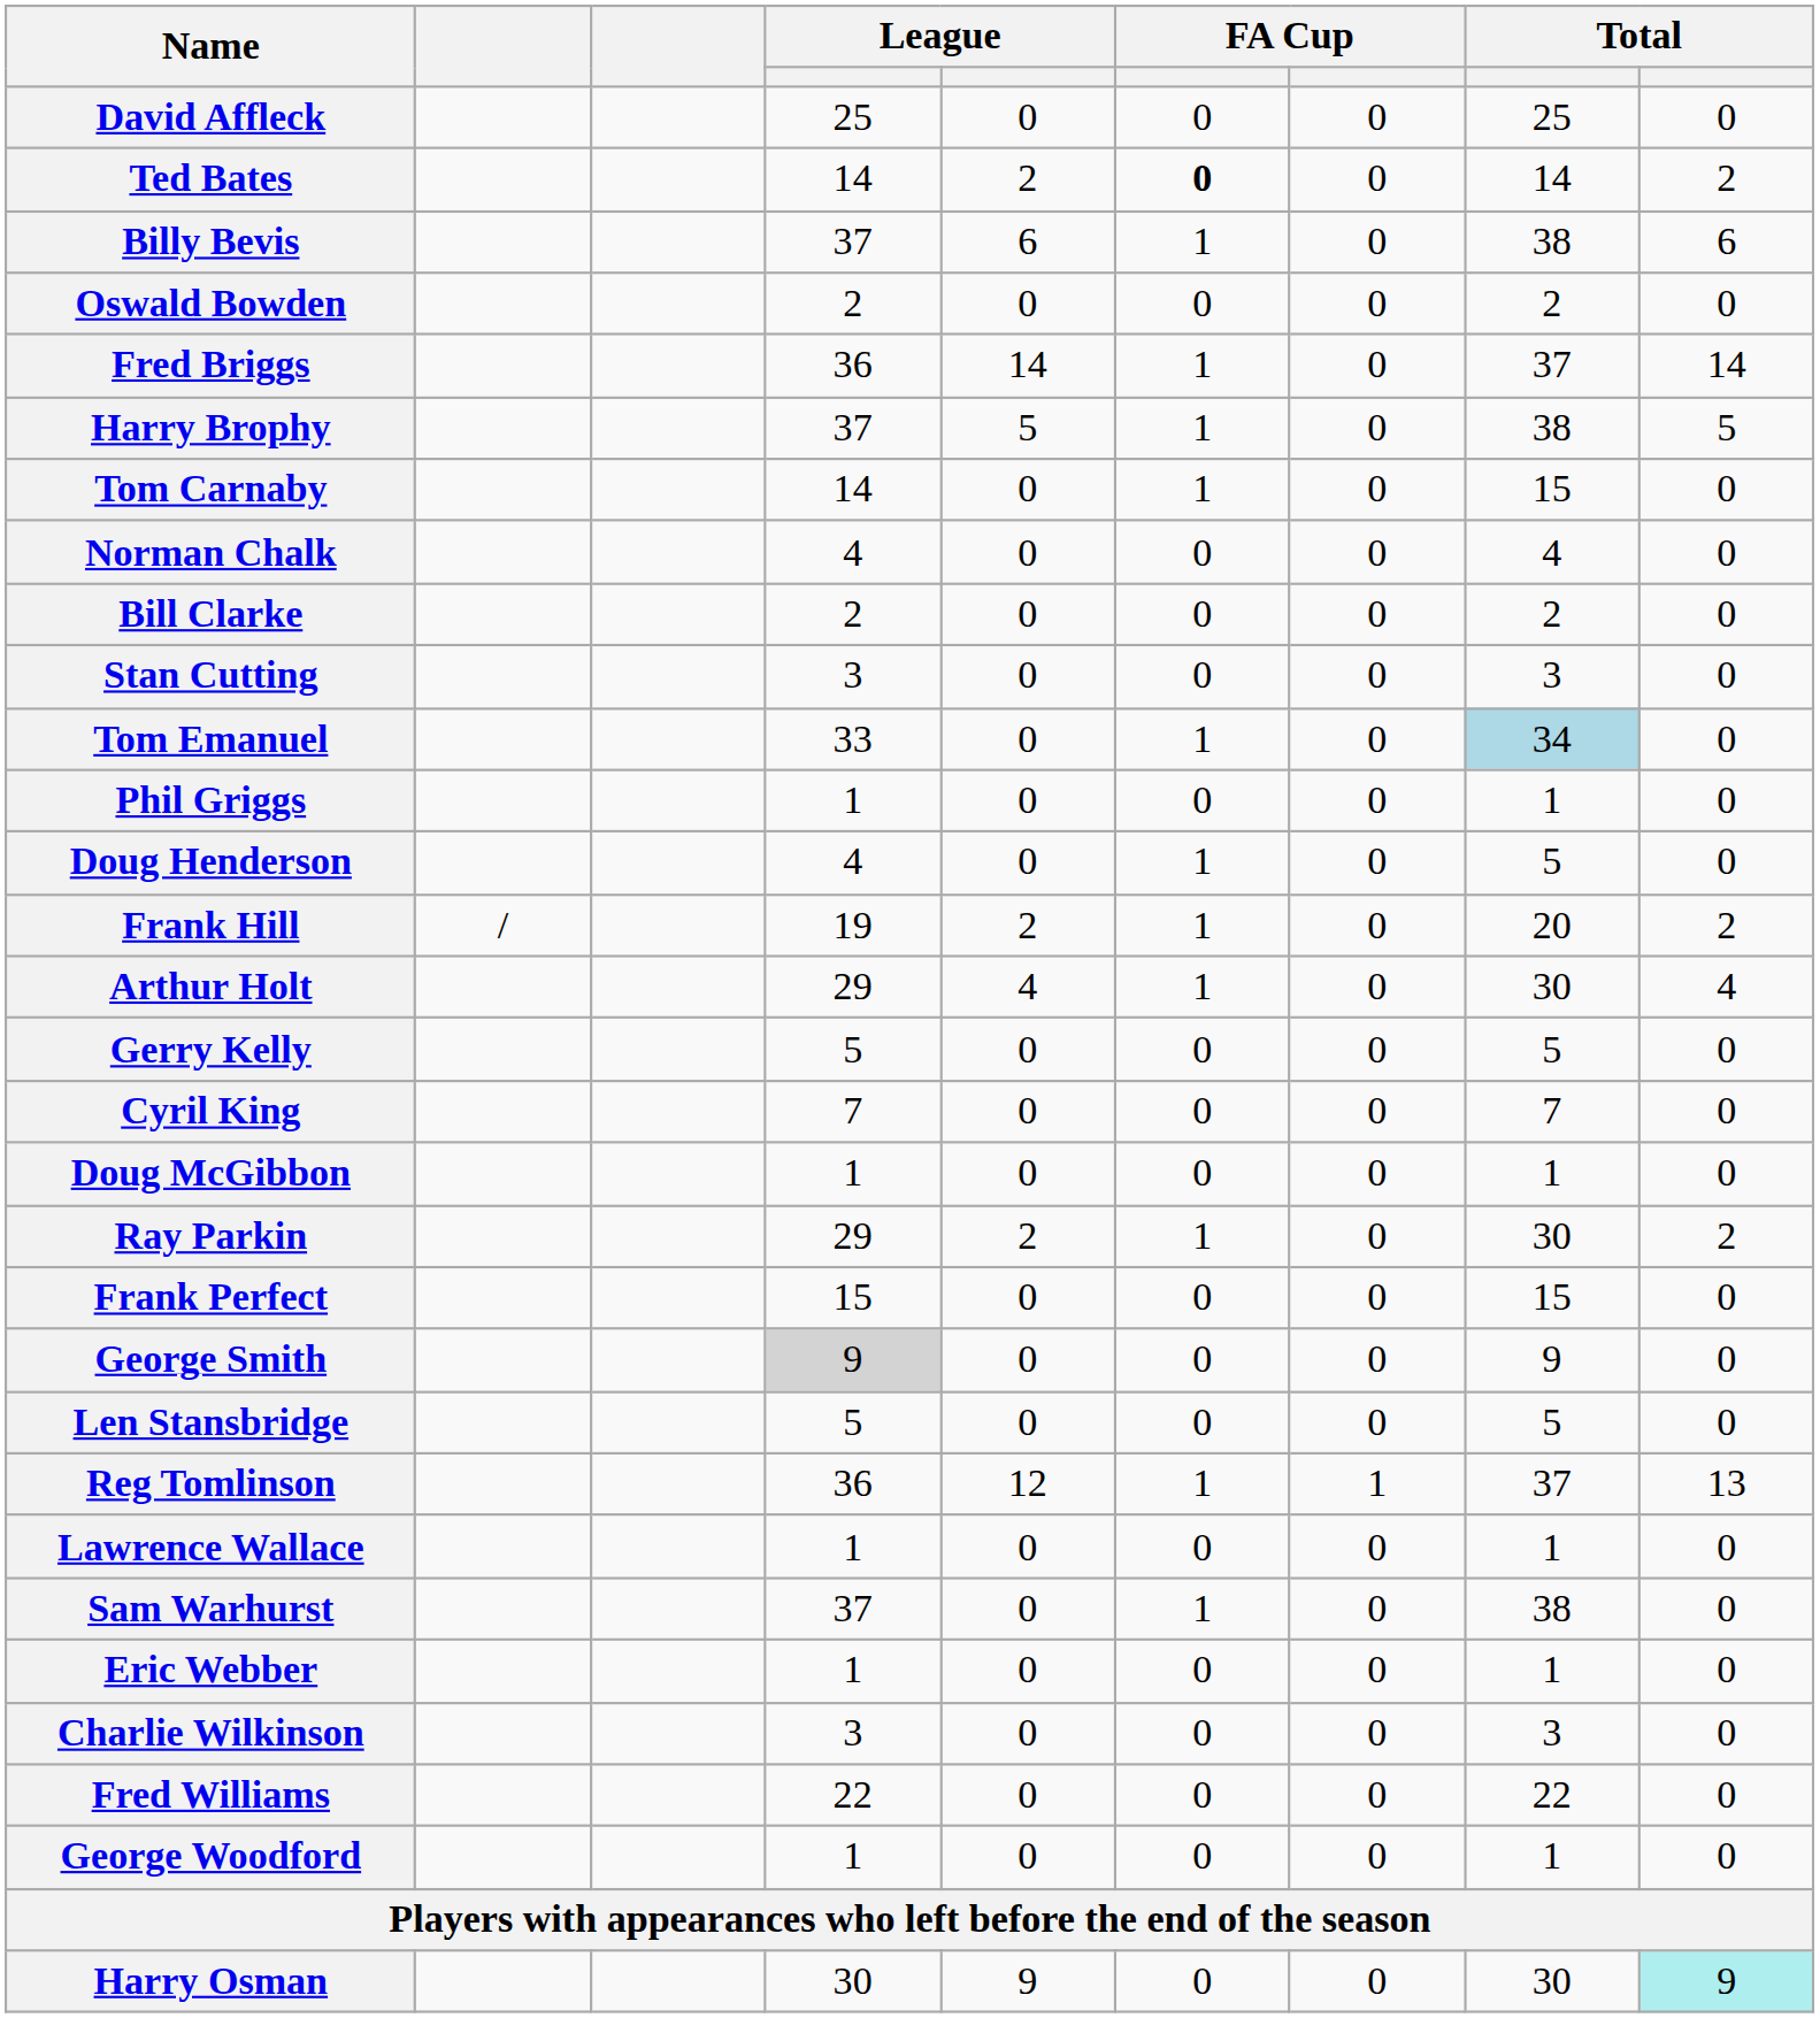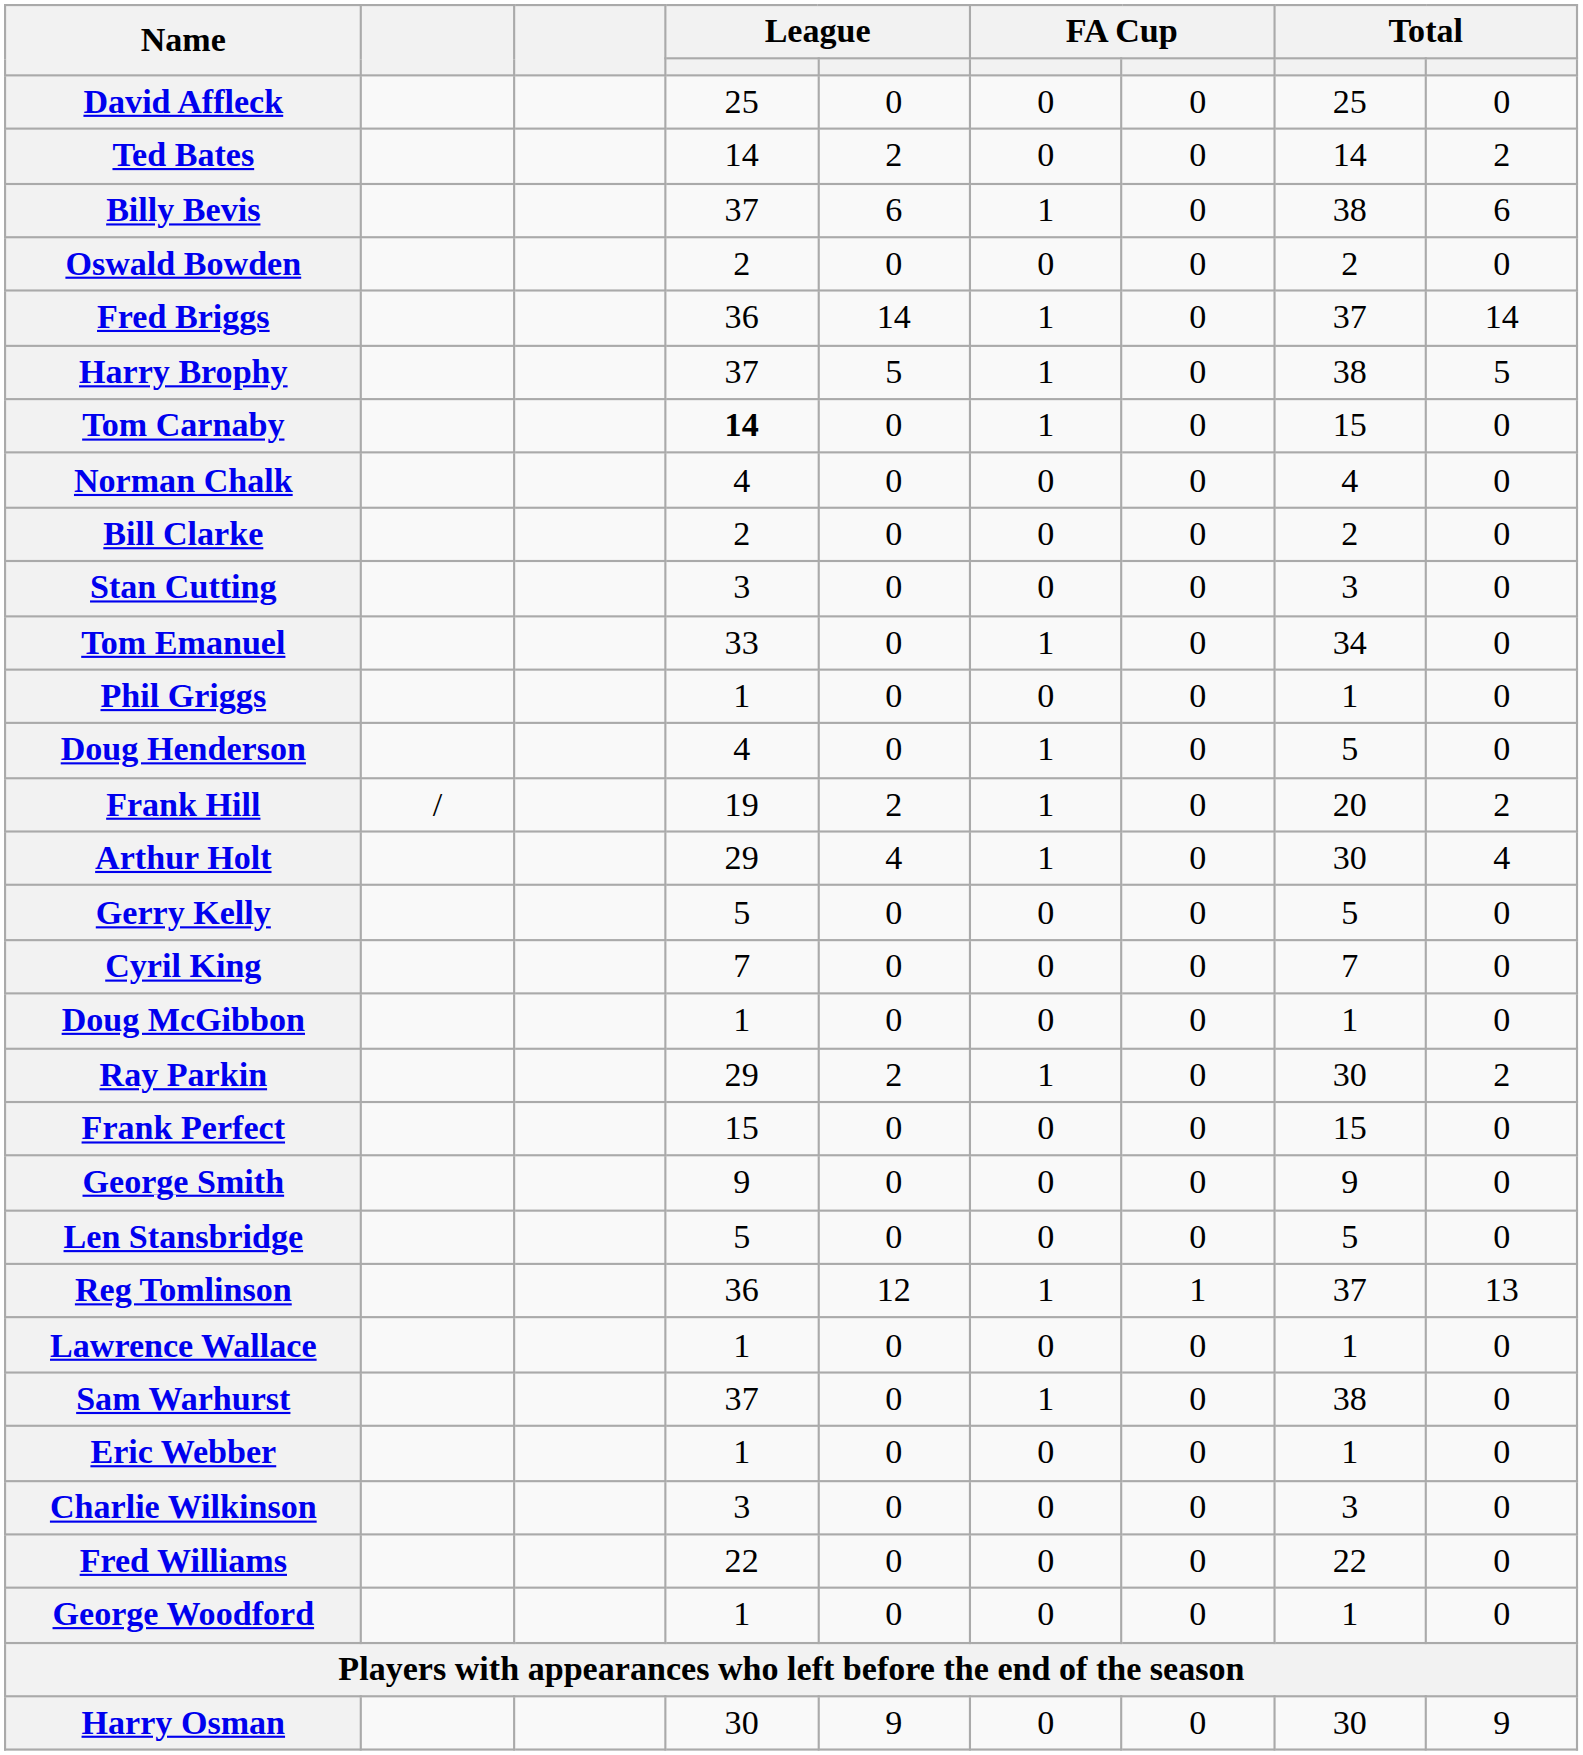 <table class="wikitable plainrowheaders" style="text-align:center;">
 <tr>
 <th scope="col" rowspan="2" style="width:10em;">Name</th>
 <th scope="col" rowspan="2" style="width:4em;"></th>
 <th scope="col" rowspan="2" style="width:4em;"></th>
 <th scope="col" colspan="2">League</th>
 <th scope="col" colspan="2">FA Cup</th>
 <th scope="col" colspan="2">Total</th>
 </tr>
 <tr>
 <th scope="col" style="width:4em;"></th>
 <th scope="col" style="width:4em;"></th>
 <th scope="col" style="width:4em;"></th>
 <th scope="col" style="width:4em;"></th>
 <th scope="col" style="width:4em;"></th>
 <th scope="col" style="width:4em;"></th>
 </tr>
 <tr>
 <th scope="row"><a href='#'>David Affleck</a></th>
 <td></td>
 <td></td>
 <td>25</td>
 <td>0</td>
 <td>0</td>
 <td>0</td>
 <td>25</td>
 <td>0</td>
 </tr>
 <tr>
 <th scope="row"><a href='#'>Ted Bates</a></th>
 <td></td>
 <td></td>
 <td>14</td>
 <td>2</td>
-<td><strong>0</strong></td>
+<td>0</td>
 <td>0</td>
 <td>14</td>
 <td>2</td>
 </tr>
 <tr>
 <th scope="row"><a href='#'>Billy Bevis</a></th>
 <td></td>
 <td></td>
 <td>37</td>
 <td>6</td>
 <td>1</td>
 <td>0</td>
 <td>38</td>
 <td>6</td>
 </tr>
 <tr>
 <th scope="row"><a href='#'>Oswald Bowden</a></th>
 <td></td>
 <td></td>
 <td>2</td>
 <td>0</td>
 <td>0</td>
 <td>0</td>
 <td>2</td>
 <td>0</td>
 </tr>
 <tr>
 <th scope="row"><a href='#'>Fred Briggs</a></th>
 <td></td>
 <td></td>
 <td>36</td>
 <td>14</td>
 <td>1</td>
 <td>0</td>
 <td>37</td>
 <td>14</td>
 </tr>
 <tr>
 <th scope="row"><a href='#'>Harry Brophy</a></th>
 <td></td>
 <td></td>
 <td>37</td>
 <td>5</td>
 <td>1</td>
 <td>0</td>
 <td>38</td>
 <td>5</td>
 </tr>
 <tr>
 <th scope="row"><a href='#'>Tom Carnaby</a></th>
 <td></td>
 <td></td>
-<td>14</td>
+<td><strong>14</strong></td>
 <td>0</td>
 <td>1</td>
 <td>0</td>
 <td>15</td>
 <td>0</td>
 </tr>
 <tr>
 <th scope="row"><a href='#'>Norman Chalk</a></th>
 <td></td>
 <td></td>
 <td>4</td>
 <td>0</td>
 <td>0</td>
 <td>0</td>
 <td>4</td>
 <td>0</td>
 </tr>
 <tr>
 <th scope="row"><a href='#'>Bill Clarke</a></th>
 <td></td>
 <td></td>
 <td>2</td>
 <td>0</td>
 <td>0</td>
 <td>0</td>
 <td>2</td>
 <td>0</td>
 </tr>
 <tr>
 <th scope="row"><a href='#'>Stan Cutting</a></th>
 <td></td>
 <td></td>
 <td>3</td>
 <td>0</td>
 <td>0</td>
 <td>0</td>
 <td>3</td>
 <td>0</td>
 </tr>
 <tr>
 <th scope="row"><a href='#'>Tom Emanuel</a></th>
 <td></td>
 <td></td>
 <td>33</td>
 <td>0</td>
 <td>1</td>
 <td>0</td>
-<td style="background: lightblue;">34</td>
+<td>34</td>
 <td>0</td>
 </tr>
 <tr>
 <th scope="row"><a href='#'>Phil Griggs</a></th>
 <td></td>
 <td></td>
 <td>1</td>
 <td>0</td>
 <td>0</td>
 <td>0</td>
 <td>1</td>
 <td>0</td>
 </tr>
 <tr>
 <th scope="row"><a href='#'>Doug Henderson</a></th>
 <td></td>
 <td></td>
 <td>4</td>
 <td>0</td>
 <td>1</td>
 <td>0</td>
 <td>5</td>
 <td>0</td>
 </tr>
 <tr>
 <th scope="row"><a href='#'>Frank Hill</a></th>
 <td>/</td>
 <td></td>
 <td>19</td>
 <td>2</td>
 <td>1</td>
 <td>0</td>
 <td>20</td>
 <td>2</td>
 </tr>
 <tr>
 <th scope="row"><a href='#'>Arthur Holt</a></th>
 <td></td>
 <td></td>
 <td>29</td>
 <td>4</td>
 <td>1</td>
 <td>0</td>
 <td>30</td>
 <td>4</td>
 </tr>
 <tr>
 <th scope="row"><a href='#'>Gerry Kelly</a></th>
 <td></td>
 <td></td>
 <td>5</td>
 <td>0</td>
 <td>0</td>
 <td>0</td>
 <td>5</td>
 <td>0</td>
 </tr>
 <tr>
 <th scope="row"><a href='#'>Cyril King</a></th>
 <td></td>
 <td></td>
 <td>7</td>
 <td>0</td>
 <td>0</td>
 <td>0</td>
 <td>7</td>
 <td>0</td>
 </tr>
 <tr>
 <th scope="row"><a href='#'>Doug McGibbon</a></th>
 <td></td>
 <td></td>
 <td>1</td>
 <td>0</td>
 <td>0</td>
 <td>0</td>
 <td>1</td>
 <td>0</td>
 </tr>
 <tr>
 <th scope="row"><a href='#'>Ray Parkin</a></th>
 <td></td>
 <td></td>
 <td>29</td>
 <td>2</td>
 <td>1</td>
 <td>0</td>
 <td>30</td>
 <td>2</td>
 </tr>
 <tr>
 <th scope="row"><a href='#'>Frank Perfect</a></th>
 <td></td>
 <td></td>
 <td>15</td>
 <td>0</td>
 <td>0</td>
 <td>0</td>
 <td>15</td>
 <td>0</td>
 </tr>
 <tr>
 <th scope="row"><a href='#'>George Smith</a></th>
 <td></td>
 <td></td>
-<td style="background: lightgrey;">9</td>
+<td>9</td>
 <td>0</td>
 <td>0</td>
 <td>0</td>
 <td>9</td>
 <td>0</td>
 </tr>
 <tr>
 <th scope="row"><a href='#'>Len Stansbridge</a></th>
 <td></td>
 <td></td>
 <td>5</td>
 <td>0</td>
 <td>0</td>
 <td>0</td>
 <td>5</td>
 <td>0</td>
 </tr>
 <tr>
 <th scope="row"><a href='#'>Reg Tomlinson</a></th>
 <td></td>
 <td></td>
 <td>36</td>
 <td>12</td>
 <td>1</td>
 <td>1</td>
 <td>37</td>
 <td>13</td>
 </tr>
 <tr>
 <th scope="row"><a href='#'>Lawrence Wallace</a></th>
 <td></td>
 <td></td>
 <td>1</td>
 <td>0</td>
 <td>0</td>
 <td>0</td>
 <td>1</td>
 <td>0</td>
 </tr>
 <tr>
 <th scope="row"><a href='#'>Sam Warhurst</a></th>
 <td></td>
 <td></td>
 <td>37</td>
 <td>0</td>
 <td>1</td>
 <td>0</td>
 <td>38</td>
 <td>0</td>
 </tr>
 <tr>
 <th scope="row"><a href='#'>Eric Webber</a></th>
 <td></td>
 <td></td>
 <td>1</td>
 <td>0</td>
 <td>0</td>
 <td>0</td>
 <td>1</td>
 <td>0</td>
 </tr>
 <tr>
 <th scope="row"><a href='#'>Charlie Wilkinson</a></th>
 <td></td>
 <td></td>
 <td>3</td>
 <td>0</td>
 <td>0</td>
 <td>0</td>
 <td>3</td>
 <td>0</td>
 </tr>
 <tr>
 <th scope="row"><a href='#'>Fred Williams</a></th>
 <td></td>
 <td></td>
 <td>22</td>
 <td>0</td>
 <td>0</td>
 <td>0</td>
 <td>22</td>
 <td>0</td>
 </tr>
 <tr>
 <th scope="row"><a href='#'>George Woodford</a></th>
 <td></td>
 <td></td>
 <td>1</td>
 <td>0</td>
 <td>0</td>
 <td>0</td>
 <td>1</td>
 <td>0</td>
 </tr>
 <tr>
 <th scope="col" colspan="11">Players with appearances who left before the end of the season</th>
 </tr>
 <tr>
 <th scope="row"><a href='#'>Harry Osman</a></th>
 <td></td>
 <td></td>
 <td>30</td>
 <td>9</td>
 <td>0</td>
 <td>0</td>
 <td>30</td>
-<td style="background: paleturquoise;">9</td>
+<td>9</td>
 </tr>
 </table>
